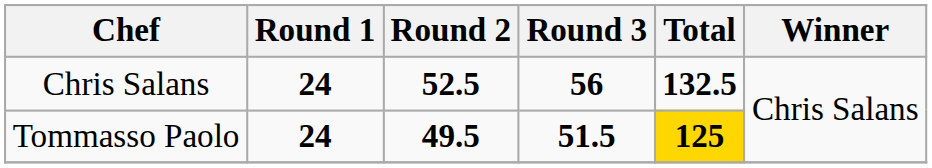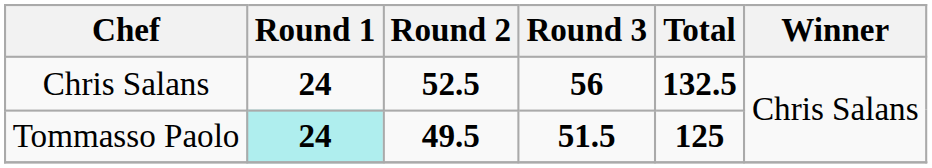 <table class="wikitable"  style="float:left; margin:auto; text-align:center;">
 <tr>
 <th>Chef</th>
 <th>Round 1</th>
 <th>Round 2</th>
 <th>Round 3</th>
 <th>Total</th>
 <th>Winner</th>
 </tr>
 <tr>
 <td>Chris Salans</td>
 <td><strong>24</strong></td>
 <td><strong>52.5</strong></td>
 <td><strong>56</strong></td>
 <td><strong>132.5</strong></td>
 <td rowspan=2>Chris Salans</td>
 </tr>
 <tr>
 <td>Tommasso Paolo</td>
-<td><strong>24</strong></td>
+<td style="background: paleturquoise;"><strong>24</strong></td>
 <td><strong>49.5</strong></td>
 <td><strong>51.5</strong></td>
-<td style="background: gold;"><strong>125</strong></td>
+<td><strong>125</strong></td>
 </tr>
 <tr>
 </tr>
 </table>
